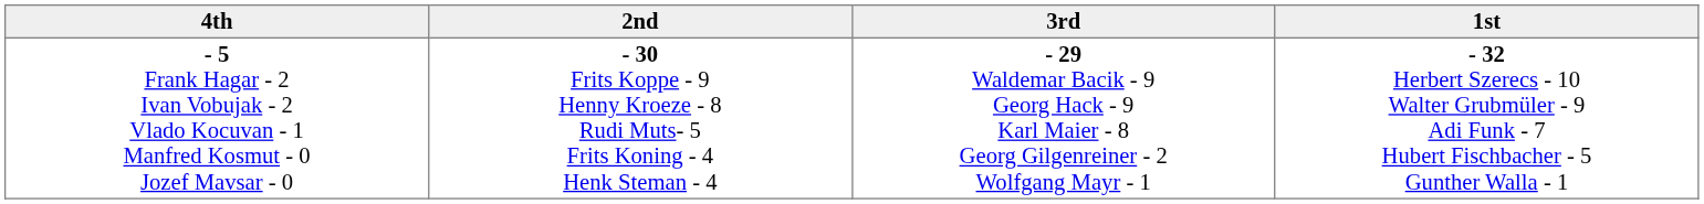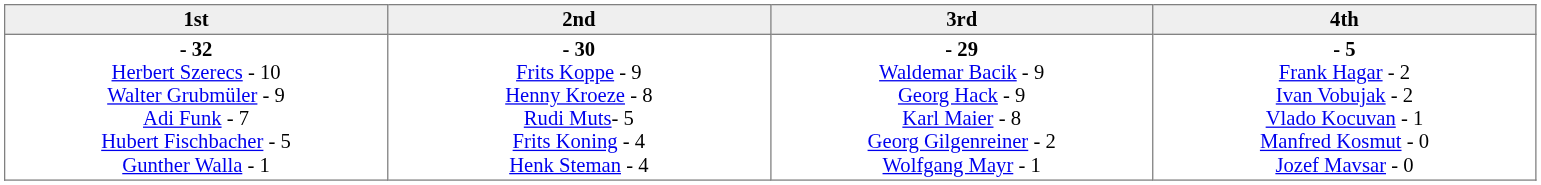 <table border=1 cellpadding=2 cellspacing=0 width=75% style="border-collapse:collapse">
 <tr align=center style="background:#efefef;">
-<th width=20%>4th</th>
+<th width=20% >1st</th>
 <th width=20% >2nd</th>
 <th width=20% >3rd</th>
-<th width=20% >1st</th>
+<th width=20%>4th</th>
 </tr>
 <tr align=center>
-<td valign=top><strong> - 5</strong><br><a href='#'>Frank Hagar</a> - 2<br><a href='#'>Ivan Vobujak</a> - 2<br><a href='#'>Vlado Kocuvan</a> - 1<br><a href='#'>Manfred Kosmut</a>  - 0<br><a href='#'>Jozef Mavsar</a> - 0</td>
+<td valign=top ><strong> - 32</strong><br><a href='#'>Herbert Szerecs</a> - 10<br><a href='#'>Walter Grubmüler</a> - 9<br><a href='#'>Adi Funk</a> - 7<br><a href='#'>Hubert Fischbacher</a> - 5<br><a href='#'>Gunther Walla</a> - 1</td>
 <td valign=top ><strong> - 30</strong><br><a href='#'>Frits Koppe</a> - 9<br><a href='#'>Henny Kroeze</a> - 8<br><a href='#'>Rudi Muts</a>- 5<br><a href='#'>Frits Koning</a> - 4<br><a href='#'>Henk Steman</a> - 4</td>
 <td valign=top ><strong> - 29</strong><br><a href='#'>Waldemar Bacik</a> - 9<br><a href='#'>Georg Hack</a> - 9<br><a href='#'>Karl Maier</a> - 8<br><a href='#'>Georg Gilgenreiner</a> - 2<br><a href='#'>Wolfgang Mayr</a> - 1</td>
-<td valign=top ><strong> - 32</strong><br><a href='#'>Herbert Szerecs</a> - 10<br><a href='#'>Walter Grubmüler</a> - 9<br><a href='#'>Adi Funk</a> - 7<br><a href='#'>Hubert Fischbacher</a> - 5<br><a href='#'>Gunther Walla</a> - 1</td>
+<td valign=top><strong> - 5</strong><br><a href='#'>Frank Hagar</a> - 2<br><a href='#'>Ivan Vobujak</a> - 2<br><a href='#'>Vlado Kocuvan</a> - 1<br><a href='#'>Manfred Kosmut</a>  - 0<br><a href='#'>Jozef Mavsar</a> - 0</td>
 </tr>
 </table>
